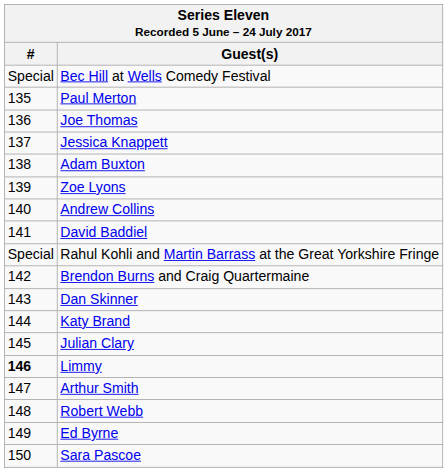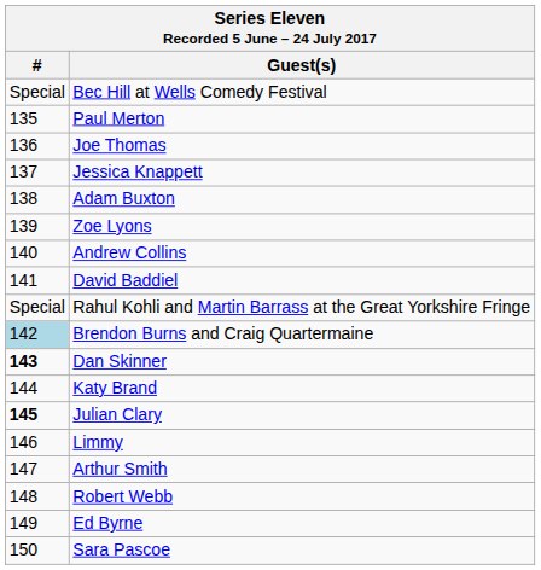 <table class="wikitable">
 <tr>
 <th colspan="3">Series Eleven<br><small>Recorded 5 June – 24 July 2017</small></th>
 </tr>
 <tr>
 <th>#</th>
 <th>Guest(s)</th>
 </tr>
 <tr>
 <td>Special</td>
 <td><a href='#'>Bec Hill</a> at <a href='#'>Wells</a> Comedy Festival</td>
 </tr>
 <tr>
 <td>135</td>
 <td><a href='#'>Paul Merton</a></td>
 </tr>
 <tr>
 <td>136</td>
 <td><a href='#'>Joe Thomas</a></td>
 </tr>
 <tr>
 <td>137</td>
 <td><a href='#'>Jessica Knappett</a></td>
 </tr>
 <tr>
 <td>138</td>
 <td><a href='#'>Adam Buxton</a></td>
 </tr>
 <tr>
 <td>139</td>
 <td><a href='#'>Zoe Lyons</a></td>
 </tr>
 <tr>
 <td>140</td>
 <td><a href='#'>Andrew Collins</a></td>
 </tr>
 <tr>
 <td>141</td>
 <td><a href='#'>David Baddiel</a></td>
 </tr>
 <tr>
 <td>Special</td>
 <td>Rahul Kohli and <a href='#'>Martin Barrass</a> at the Great Yorkshire Fringe</td>
 </tr>
 <tr>
-<td>142</td>
+<td style="background: lightblue;">142</td>
 <td><a href='#'>Brendon Burns</a> and Craig Quartermaine</td>
 </tr>
 <tr>
-<td>143</td>
+<td><strong>143</strong></td>
 <td><a href='#'>Dan Skinner</a></td>
 </tr>
 <tr>
 <td>144</td>
 <td><a href='#'>Katy Brand</a></td>
 </tr>
 <tr>
-<td>145</td>
+<td><strong>145</strong></td>
 <td><a href='#'>Julian Clary</a></td>
 </tr>
 <tr>
-<td><strong>146</strong></td>
+<td>146</td>
 <td><a href='#'>Limmy</a></td>
 </tr>
 <tr>
 <td>147</td>
 <td><a href='#'>Arthur Smith</a></td>
 </tr>
 <tr>
 <td>148</td>
 <td><a href='#'>Robert Webb</a></td>
 </tr>
 <tr>
 <td>149</td>
 <td><a href='#'>Ed Byrne</a></td>
 </tr>
 <tr>
 <td>150</td>
 <td><a href='#'>Sara Pascoe</a></td>
 </tr>
 </table>
